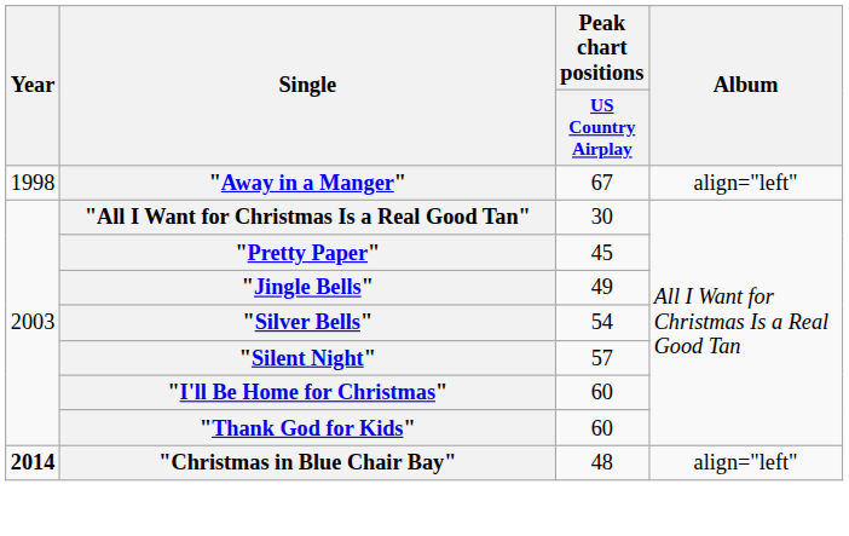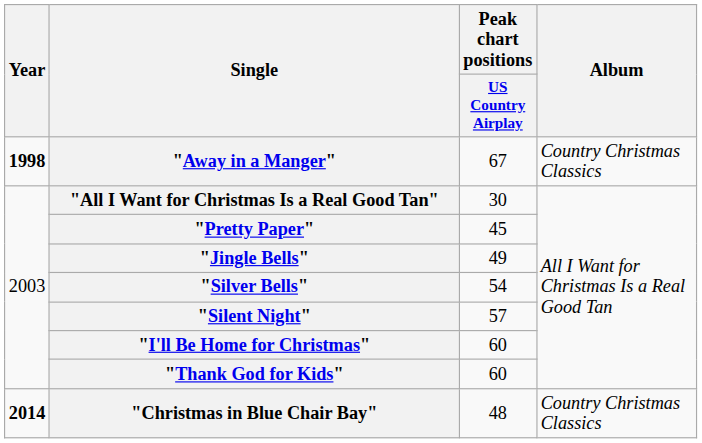 <table class="wikitable plainrowheaders" style="text-align:center;">
 <tr>
 <th scope="col" rowspan="2">Year</th>
 <th scope="col" rowspan="2" style="width:22em;">Single</th>
 <th scope="col" colspan="1">Peak chart<br>positions</th>
 <th scope="col" rowspan="2">Album</th>
 </tr>
 <tr style="font-size:smaller;">
 <th scope="col" width="45"><a href='#'>US Country Airplay</a><br></th>
 </tr>
 <tr>
-<td>1998</td>
+<td><strong>1998</strong></td>
 <th scope="row">"<a href='#'>Away in a Manger</a>"</th>
 <td>67</td>
-<td>align="left" </td>
+<td align="left"><em>Country Christmas Classics</em></td>
 </tr>
 <tr>
 <td rowspan="7">2003</td>
 <th scope="row">"All I Want for Christmas Is a Real Good Tan"</th>
 <td>30</td>
 <td align="left" rowspan="7"><em>All I Want for Christmas Is a Real Good Tan</em></td>
 </tr>
 <tr>
 <th scope="row">"<a href='#'>Pretty Paper</a>" </th>
 <td>45</td>
 </tr>
 <tr>
 <th scope="row">"<a href='#'>Jingle Bells</a>"</th>
 <td>49</td>
 </tr>
 <tr>
 <th scope="row">"<a href='#'>Silver Bells</a>"</th>
 <td>54</td>
 </tr>
 <tr>
 <th scope="row">"<a href='#'>Silent Night</a>" </th>
 <td>57</td>
 </tr>
 <tr>
 <th scope="row">"<a href='#'>I'll Be Home for Christmas</a>"</th>
 <td>60</td>
 </tr>
 <tr>
 <th scope="row">"<a href='#'>Thank God for Kids</a>"</th>
 <td>60</td>
 </tr>
 <tr>
 <td><strong>2014</strong></td>
 <th scope="row">"Christmas in Blue Chair Bay"</th>
 <td>48</td>
-<td>align="left" </td>
+<td align="left"><em>Country Christmas Classics</em></td>
 </tr>
 </table>
